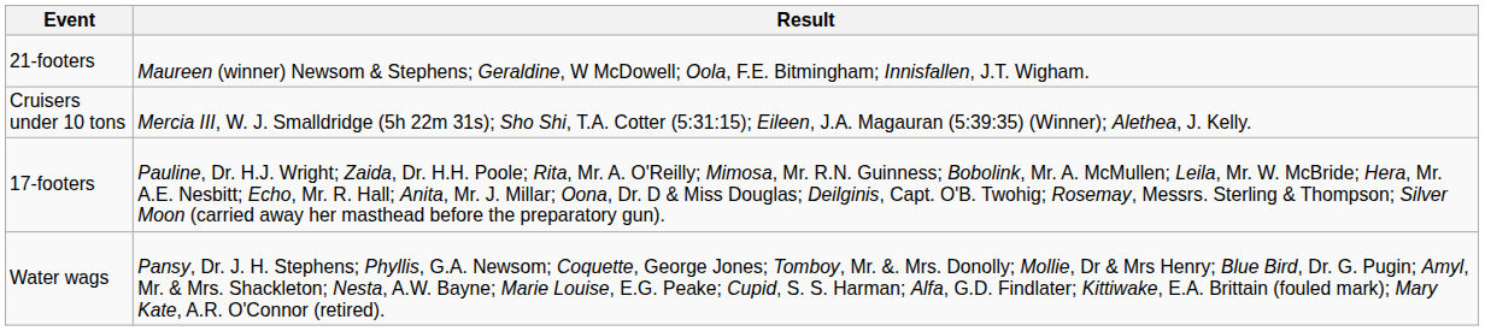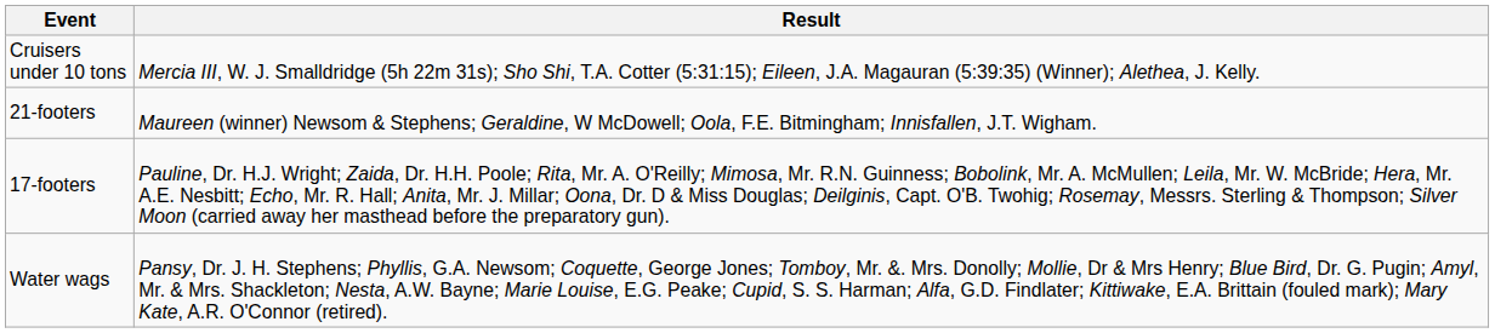 <table class="wikitable">
 <tr>
 <th>Event</th>
 <th>Result</th>
 </tr>
 <tr>
+<td>Cruisers under 10 tons</td>
+<td><br><em>Mercia III</em>, W. J. Smalldridge (5h 22m 31s);  <em>Sho Shi</em>, T.A. Cotter (5:31:15); <em>Eileen</em>, J.A. Magauran (5:39:35) (Winner); <em>Alethea</em>, J. Kelly.</td>
+</tr>
+<tr>
 <td>21-footers</td>
 <td><br><em>Maureen</em> (winner) Newsom & Stephens; <em>Geraldine</em>, W McDowell; <em>Oola</em>, F.E. Bitmingham; <em>Innisfallen</em>, J.T. Wigham.</td>
-</tr>
-<tr>
-<td>Cruisers under 10 tons</td>
-<td><br><em>Mercia III</em>, W. J. Smalldridge (5h 22m 31s);  <em>Sho Shi</em>, T.A. Cotter (5:31:15); <em>Eileen</em>, J.A. Magauran (5:39:35) (Winner); <em>Alethea</em>, J. Kelly.</td>
 </tr>
 <tr>
 <td>17-footers</td>
 <td><br><em>Pauline</em>, Dr. H.J. Wright; <em>Zaida</em>, Dr. H.H. Poole; <em>Rita</em>, Mr. A. O'Reilly; <em>Mimosa</em>, Mr. R.N. Guinness; <em>Bobolink</em>, Mr. A. McMullen; <em>Leila</em>, Mr. W. McBride; <em>Hera</em>, Mr. A.E. Nesbitt; <em>Echo</em>, Mr. R. Hall; <em>Anita</em>, Mr. J. Millar; <em>Oona</em>, Dr. D & Miss Douglas; <em>Deilginis</em>, Capt. O'B. Twohig; <em>Rosemay</em>, Messrs. Sterling & Thompson; <em>Silver Moon</em> (carried away her masthead before the preparatory gun).</td>
 </tr>
 <tr>
 <td>Water wags</td>
 <td><br><em>Pansy</em>, Dr. J. H. Stephens; <em>Phyllis</em>, G.A. Newsom; <em>Coquette</em>, George Jones; <em>Tomboy</em>, Mr. &. Mrs. Donolly; <em>Mollie</em>, Dr & Mrs Henry; <em>Blue Bird</em>, Dr. G. Pugin; <em>Amyl</em>, Mr. & Mrs. Shackleton; <em>Nesta</em>, A.W. Bayne; <em>Marie Louise</em>, E.G. Peake; <em>Cupid</em>, S. S. Harman; <em>Alfa</em>, G.D. Findlater; <em>Kittiwake</em>, E.A. Brittain (fouled mark); <em>Mary Kate</em>, A.R. O'Connor (retired).</td>
 </tr>
 </table>
